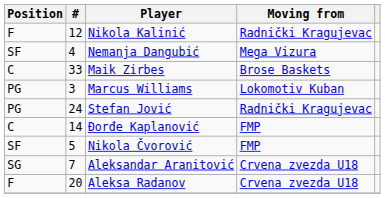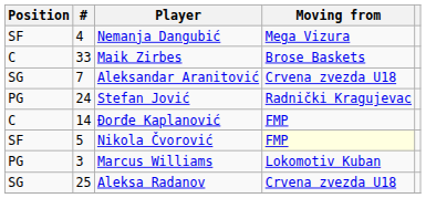 <table class="wikitable sortable" style="text-align: left;">
 <tr>
 <th>Position</th>
 <th>#</th>
 <th>Player</th>
 <th>Moving from</th>
 <th></th>
-</tr>
-<tr>
-<td>F</td>
-<td>12</td>
-<td> <a href='#'>Nikola Kalinić</a></td>
-<td> <a href='#'>Radnički Kragujevac</a></td>
-<td></td>
 </tr>
 <tr>
 <td>SF</td>
 <td>4</td>
 <td> <a href='#'>Nemanja Dangubić</a></td>
 <td> <a href='#'>Mega Vizura</a></td>
 <td></td>
 </tr>
 <tr>
 <td>C</td>
 <td>33</td>
 <td> <a href='#'>Maik Zirbes</a></td>
 <td> <a href='#'>Brose Baskets</a></td>
 <td></td>
 </tr>
 <tr>
-<td>PG</td>
-<td>3</td>
-<td> <a href='#'>Marcus Williams</a></td>
-<td> <a href='#'>Lokomotiv Kuban</a></td>
+<td>SG</td>
+<td>7</td>
+<td> <a href='#'>Aleksandar Aranitović</a></td>
+<td> <a href='#'>Crvena zvezda U18</a></td>
 <td></td>
 </tr>
 <tr>
 <td>PG</td>
 <td>24</td>
 <td> <a href='#'>Stefan Jović</a></td>
 <td> <a href='#'>Radnički Kragujevac</a></td>
 <td></td>
 </tr>
 <tr>
 <td>C</td>
 <td>14</td>
 <td> <a href='#'>Đorđe Kaplanović</a></td>
 <td> <a href='#'>FMP</a></td>
 <td></td>
 </tr>
 <tr>
 <td>SF</td>
 <td>5</td>
 <td> <a href='#'>Nikola Čvorović</a></td>
-<td> <a href='#'>FMP</a></td>
+<td style="background: lightyellow;"> <a href='#'>FMP</a></td>
+<td></td>
+</tr>
+<tr>
+<td>PG</td>
+<td>3</td>
+<td> <a href='#'>Marcus Williams</a></td>
+<td> <a href='#'>Lokomotiv Kuban</a></td>
 <td></td>
 </tr>
 <tr>
 <td>SG</td>
-<td>7</td>
-<td> <a href='#'>Aleksandar Aranitović</a></td>
-<td> <a href='#'>Crvena zvezda U18</a></td>
-<td></td>
-</tr>
-<tr>
-<td>F</td>
-<td>20</td>
+<td>25</td>
 <td> <a href='#'>Aleksa Radanov</a></td>
 <td> <a href='#'>Crvena zvezda U18</a></td>
 <td></td>
 </tr>
 <tr>
 </tr>
 </table>
